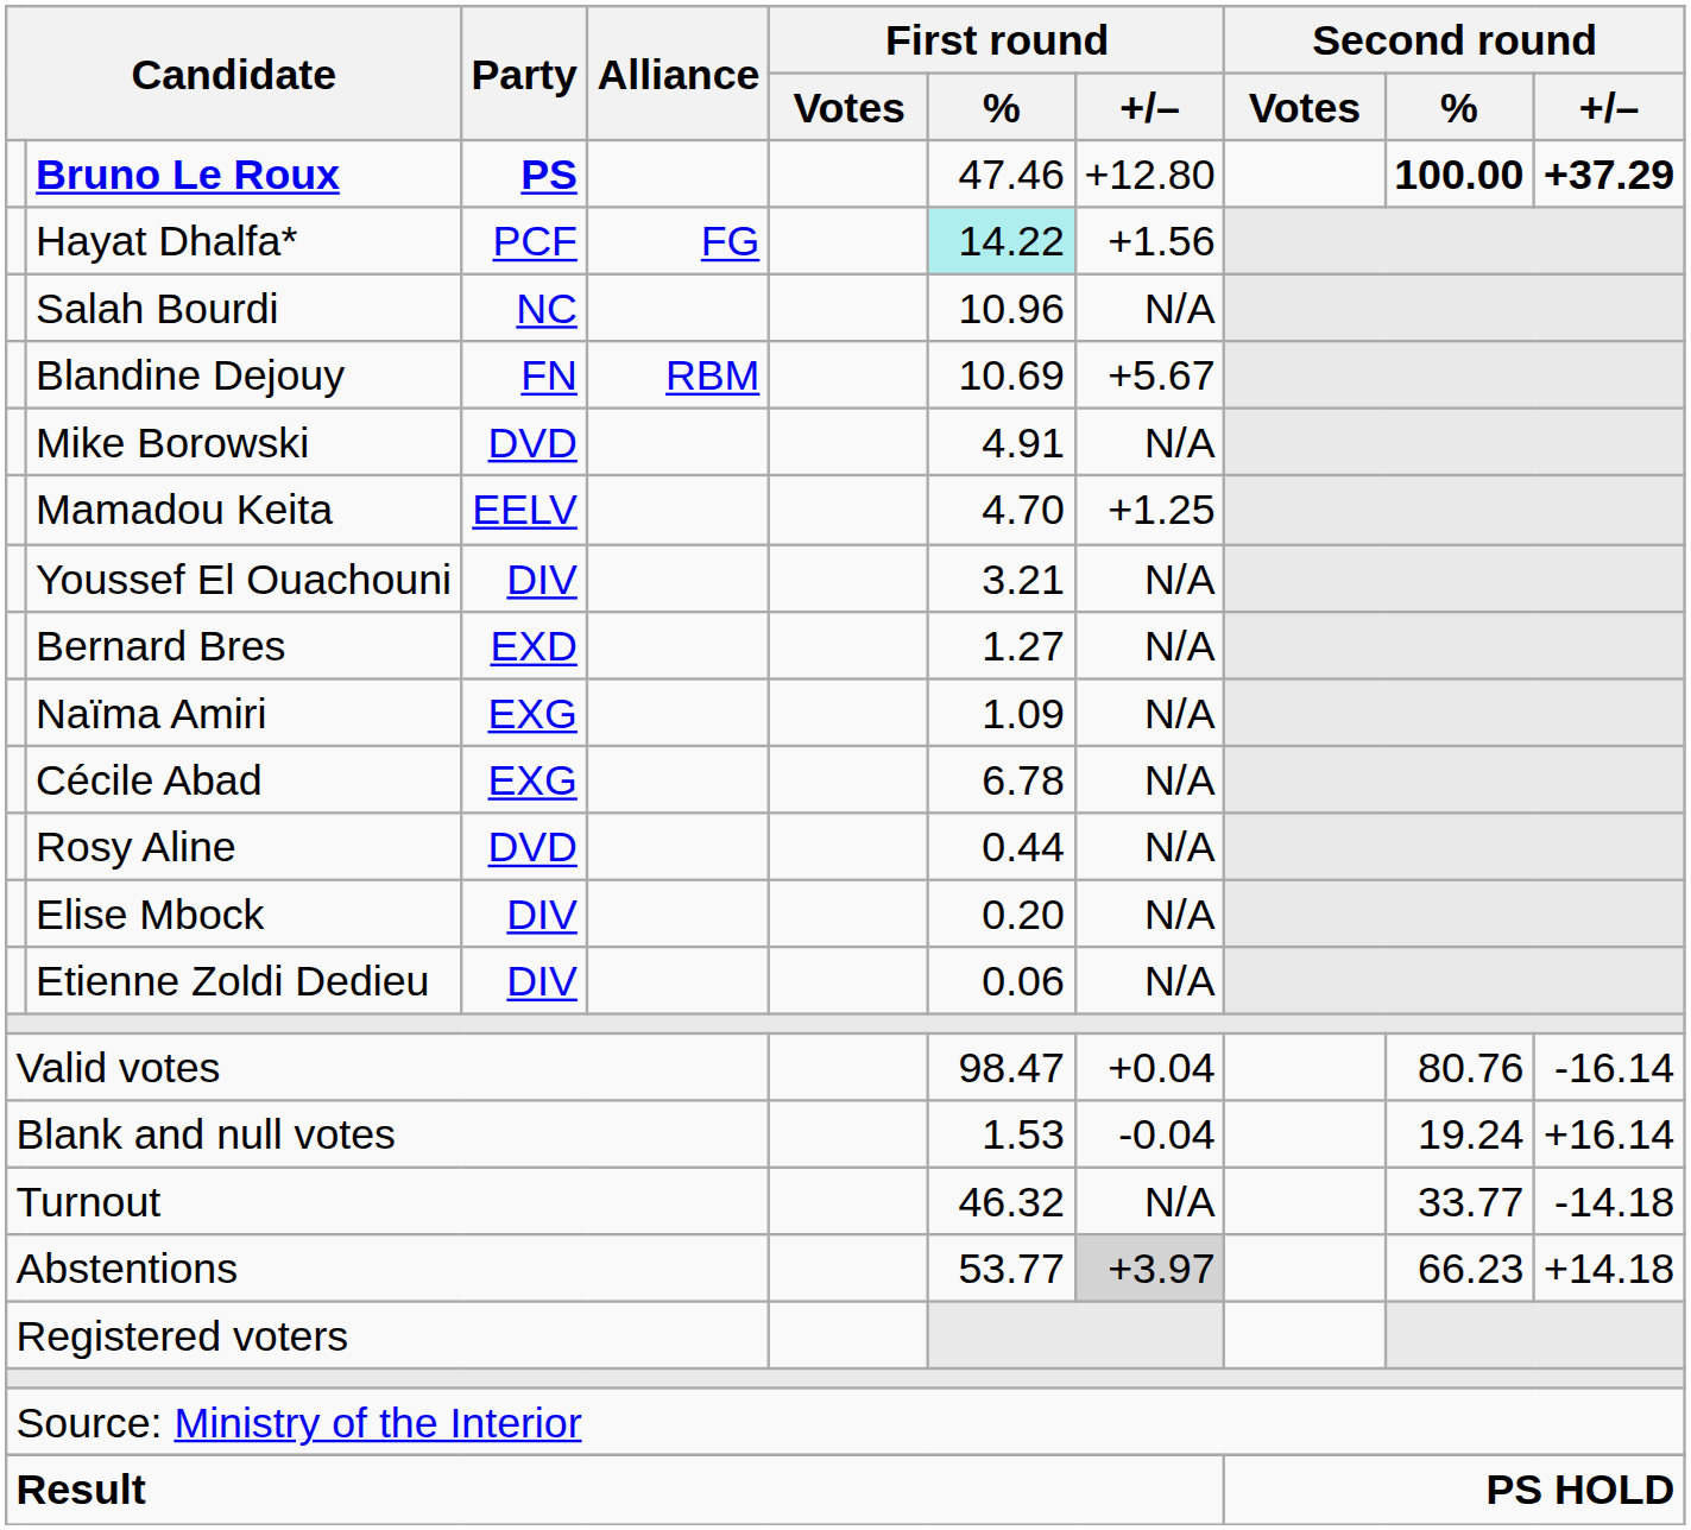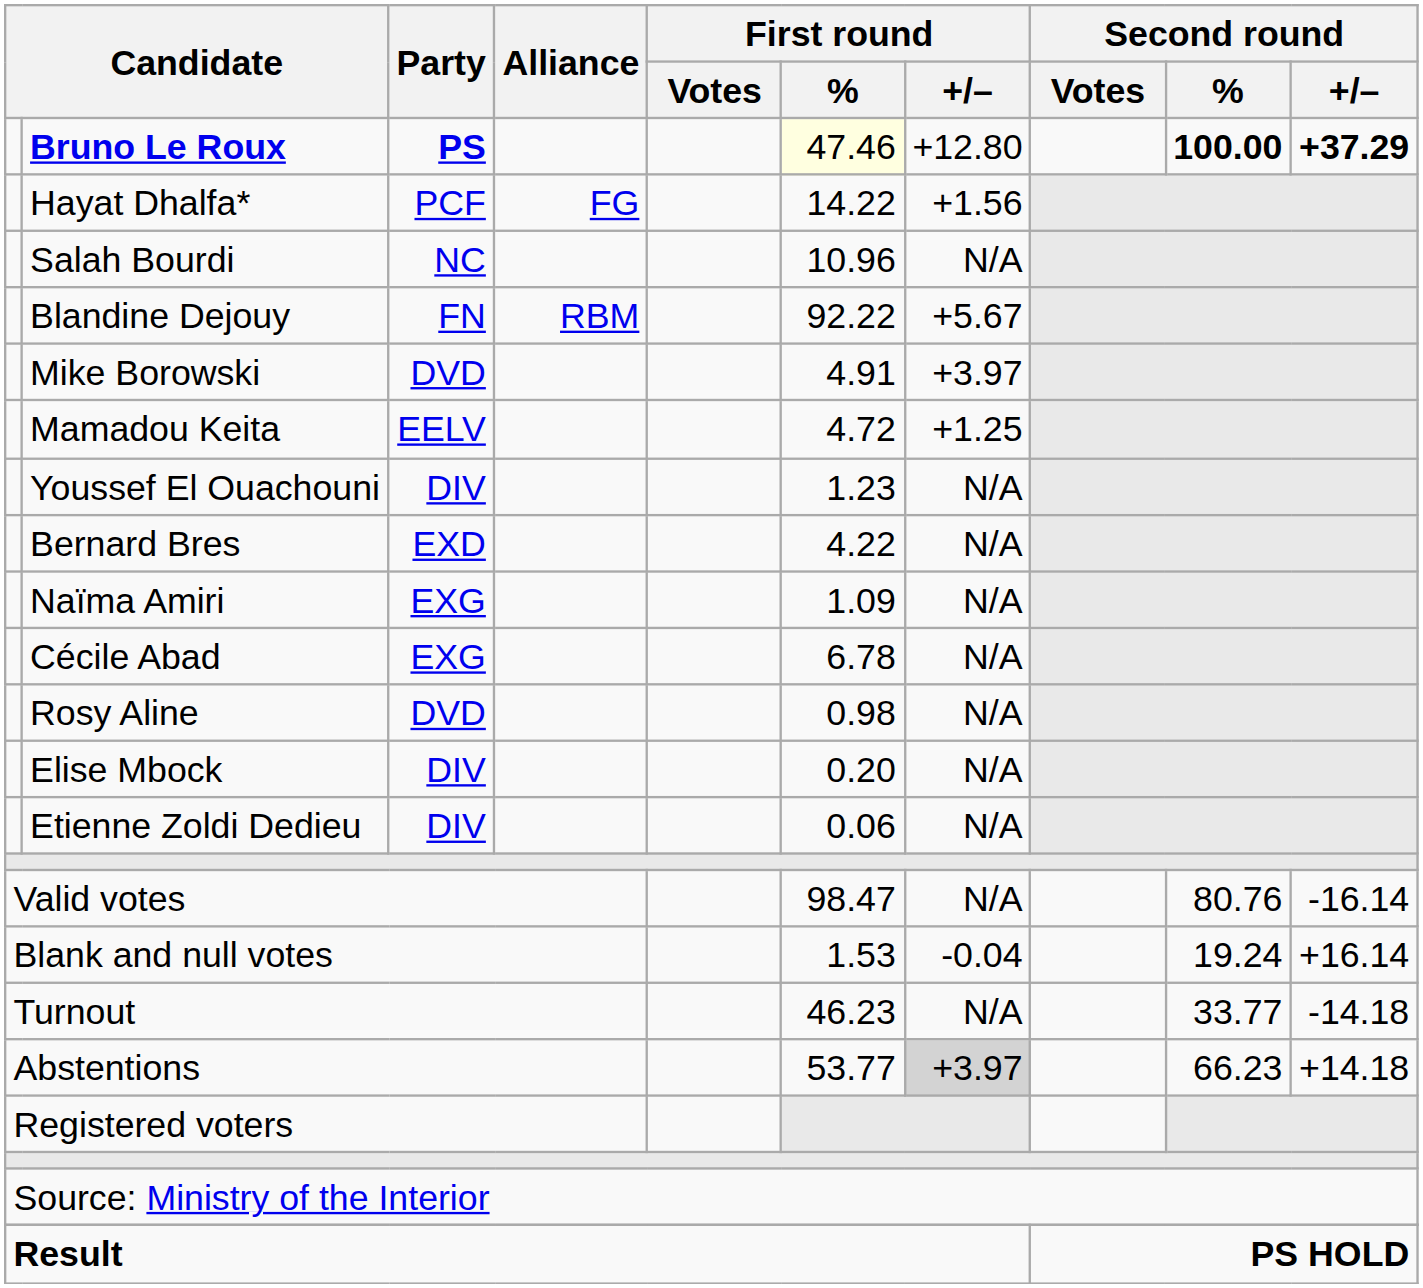 <table class="wikitable" style="text-align:right;font-size:95%;">
 <tr>
 <th rowspan="2" colspan="2">Candidate</th>
 <th rowspan="2">Party</th>
 <th rowspan="2">Alliance</th>
 <th colspan="3">First round</th>
 <th colspan="3">Second round</th>
 </tr>
 <tr>
 <th style="width:50px;">Votes</th>
 <th style="width:45px;">%</th>
 <th style="width:45px;">+/–</th>
 <th style="width:50px;">Votes</th>
 <th style="width:45px;">%</th>
 <th style="width:45px;">+/–</th>
 </tr>
 <tr>
 <td style="color:inherit;background:"></td>
 <td style="text-align:left;"><strong><a href='#'>Bruno Le Roux</a></strong></td>
 <td><a href='#'><strong>PS</strong></a> </td>
 <td></td>
 <td></td>
-<td>47.46</td>
+<td style="background: lightyellow;">47.46</td>
 <td>+12.80</td>
 <td><strong></strong></td>
 <td><strong>100.00</strong></td>
 <td><strong>+37.29</strong></td>
 </tr>
 <tr>
 <td style="color:inherit;background:"></td>
 <td style="text-align:left;">Hayat Dhalfa*</td>
 <td><a href='#'>PCF</a></td>
 <td><a href='#'>FG</a></td>
 <td></td>
-<td style="background: paleturquoise;">14.22</td>
+<td>14.22</td>
 <td>+1.56</td>
 <td colspan="3" style="background:#E9E9E9;"></td>
 </tr>
 <tr>
 <td style="color:inherit;background:"></td>
 <td style="text-align:left;">Salah Bourdi</td>
 <td><a href='#'>NC</a></td>
 <td></td>
 <td></td>
 <td>10.96</td>
 <td>N/A</td>
 <td colspan="3" style="background:#E9E9E9;"></td>
 </tr>
 <tr>
 <td style="color:inherit;background:"></td>
 <td style="text-align:left;">Blandine Dejouy</td>
 <td><a href='#'>FN</a></td>
 <td><a href='#'>RBM</a></td>
 <td></td>
-<td>10.69</td>
+<td>92.22</td>
 <td>+5.67</td>
 <td colspan="3" style="background:#E9E9E9;"></td>
 </tr>
 <tr>
 <td style="color:inherit;background:"></td>
 <td style="text-align:left;">Mike Borowski</td>
 <td><a href='#'>DVD</a></td>
 <td></td>
 <td></td>
 <td>4.91</td>
-<td>N/A</td>
+<td>+3.97</td>
 <td colspan="3" style="background:#E9E9E9;"></td>
 </tr>
 <tr>
 <td style="color:inherit;background:"></td>
 <td style="text-align:left;">Mamadou Keita</td>
 <td><a href='#'>EELV</a></td>
 <td></td>
 <td></td>
-<td>4.70</td>
+<td>4.72</td>
 <td>+1.25</td>
 <td colspan="3" style="background:#E9E9E9;"></td>
 </tr>
 <tr>
 <td style="color:inherit;background:"></td>
 <td style="text-align:left;">Youssef El Ouachouni</td>
 <td><a href='#'>DIV</a></td>
 <td></td>
 <td></td>
-<td>3.21</td>
+<td>1.23</td>
 <td>N/A</td>
 <td colspan="3" style="background:#E9E9E9;"></td>
 </tr>
 <tr>
 <td style="color:inherit;background:"></td>
 <td style="text-align:left;">Bernard Bres</td>
 <td><a href='#'>EXD</a></td>
 <td></td>
 <td></td>
-<td>1.27</td>
+<td>4.22</td>
 <td>N/A</td>
 <td colspan="3" style="background:#E9E9E9;"></td>
 </tr>
 <tr>
 <td style="color:inherit;background:"></td>
 <td style="text-align:left;">Naïma Amiri</td>
 <td><a href='#'>EXG</a></td>
 <td></td>
 <td></td>
 <td>1.09</td>
 <td>N/A</td>
 <td colspan="3" style="background:#E9E9E9;"></td>
 </tr>
 <tr>
 <td style="color:inherit;background:"></td>
 <td style="text-align:left;">Cécile Abad</td>
 <td><a href='#'>EXG</a></td>
 <td></td>
 <td></td>
 <td>6.78</td>
 <td>N/A</td>
 <td colspan="3" style="background:#E9E9E9;"></td>
 </tr>
 <tr>
 <td style="color:inherit;background:"></td>
 <td style="text-align:left;">Rosy Aline</td>
 <td><a href='#'>DVD</a></td>
 <td></td>
 <td></td>
-<td>0.44</td>
+<td>0.98</td>
 <td>N/A</td>
 <td colspan="3" style="background:#E9E9E9;"></td>
 </tr>
 <tr>
 <td style="color:inherit;background:"></td>
 <td style="text-align:left;">Elise Mbock</td>
 <td><a href='#'>DIV</a></td>
 <td></td>
 <td></td>
 <td>0.20</td>
 <td>N/A</td>
 <td colspan="3" style="background:#E9E9E9;"></td>
 </tr>
 <tr>
 <td style="color:inherit;background:"></td>
 <td style="text-align:left;">Etienne Zoldi Dedieu</td>
 <td><a href='#'>DIV</a></td>
 <td></td>
 <td></td>
 <td>0.06</td>
 <td>N/A</td>
 <td colspan="3" style="background:#E9E9E9;"></td>
 </tr>
 <tr>
 <td colspan="10" style="background:#E9E9E9;"></td>
 </tr>
 <tr>
 <td colspan="4" style="text-align:left;">Valid votes</td>
 <td></td>
 <td>98.47</td>
-<td>+0.04</td>
+<td>N/A</td>
 <td></td>
 <td>80.76</td>
 <td>-16.14</td>
 </tr>
 <tr>
 <td colspan="4" style="text-align:left;">Blank and null votes</td>
 <td></td>
 <td>1.53</td>
 <td>-0.04</td>
 <td></td>
 <td>19.24</td>
 <td>+16.14</td>
 </tr>
 <tr>
 <td colspan="4" style="text-align:left;">Turnout</td>
 <td></td>
-<td>46.32</td>
+<td>46.23</td>
 <td>N/A</td>
 <td></td>
 <td>33.77</td>
 <td>-14.18</td>
 </tr>
 <tr>
 <td colspan="4" style="text-align:left;">Abstentions</td>
 <td></td>
 <td>53.77</td>
 <td style="background: lightgrey;">+3.97</td>
 <td></td>
 <td>66.23</td>
 <td>+14.18</td>
 </tr>
 <tr>
 <td colspan="4" style="text-align:left;">Registered voters</td>
 <td></td>
 <td colspan="2" style="background:#E9E9E9;"></td>
 <td></td>
 <td colspan="2" style="background:#E9E9E9;"></td>
 </tr>
 <tr>
 <td colspan="10" style="background:#E9E9E9;"></td>
 </tr>
 <tr>
 <td colspan="10" style="text-align:left;">Source: <a href='#'>Ministry of the Interior</a></td>
 </tr>
 <tr>
 </tr>
 <tr style="font-weight:bold">
 <td colspan="7" style="text-align:left;">Result</td>
 <td colspan="7" style="background-color:">PS HOLD</td>
 </tr>
 </table>
